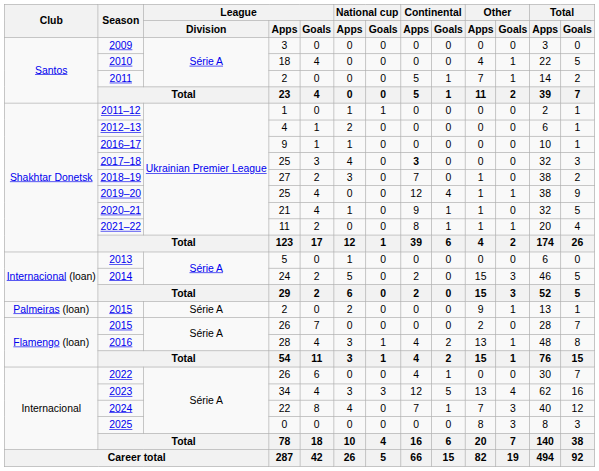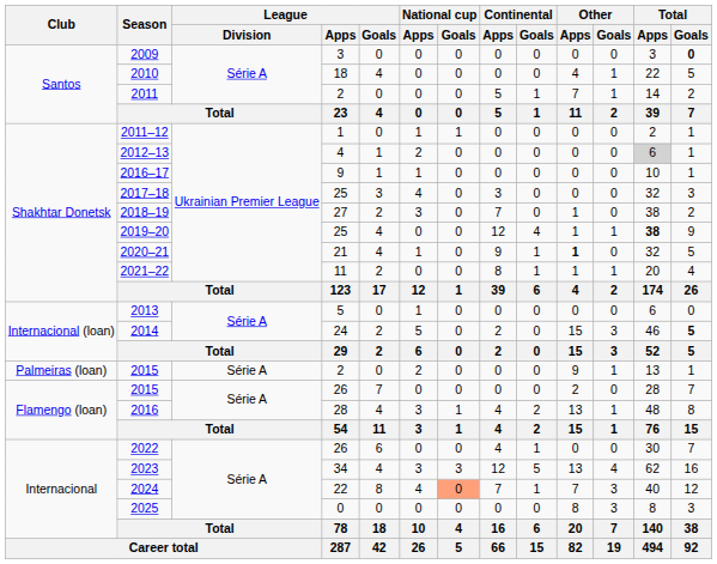 <table class="wikitable" style="text-align:center">
 <tr>
 <th rowspan="2">Club</th>
 <th rowspan="2">Season</th>
 <th colspan="3">League</th>
 <th colspan="2">National cup</th>
 <th colspan="2">Continental</th>
 <th colspan="2">Other</th>
 <th colspan="2">Total</th>
 </tr>
 <tr>
 <th>Division</th>
 <th>Apps</th>
 <th>Goals</th>
 <th>Apps</th>
 <th>Goals</th>
 <th>Apps</th>
 <th>Goals</th>
 <th>Apps</th>
 <th>Goals</th>
 <th>Apps</th>
 <th>Goals</th>
 </tr>
 <tr>
 <td rowspan="4"><a href='#'>Santos</a></td>
 <td><a href='#'>2009</a></td>
 <td rowspan="3"><a href='#'>Série A</a></td>
 <td>3</td>
 <td>0</td>
 <td>0</td>
 <td>0</td>
 <td>0</td>
 <td>0</td>
 <td>0</td>
 <td>0</td>
 <td>3</td>
-<td>0</td>
+<td><strong>0</strong></td>
 </tr>
 <tr>
 <td><a href='#'>2010</a></td>
 <td>18</td>
 <td>4</td>
 <td>0</td>
 <td>0</td>
 <td>0</td>
 <td>0</td>
 <td>4</td>
 <td>1</td>
 <td>22</td>
 <td>5</td>
 </tr>
 <tr>
 <td><a href='#'>2011</a></td>
 <td>2</td>
 <td>0</td>
 <td>0</td>
 <td>0</td>
 <td>5</td>
 <td>1</td>
 <td>7</td>
 <td>1</td>
 <td>14</td>
 <td>2</td>
 </tr>
 <tr>
 <th colspan="2">Total</th>
 <th>23</th>
 <th>4</th>
 <th>0</th>
 <th>0</th>
 <th>5</th>
 <th>1</th>
 <th>11</th>
 <th>2</th>
 <th>39</th>
 <th>7</th>
 </tr>
 <tr>
 <td rowspan="9"><a href='#'>Shakhtar Donetsk</a></td>
 <td><a href='#'>2011–12</a></td>
 <td rowspan="8"><a href='#'>Ukrainian Premier League</a></td>
 <td>1</td>
 <td>0</td>
 <td>1</td>
 <td>1</td>
 <td>0</td>
 <td>0</td>
 <td>0</td>
 <td>0</td>
 <td>2</td>
 <td>1</td>
 </tr>
 <tr>
 <td><a href='#'>2012–13</a></td>
 <td>4</td>
 <td>1</td>
 <td>2</td>
 <td>0</td>
 <td>0</td>
 <td>0</td>
 <td>0</td>
 <td>0</td>
-<td>6</td>
+<td style="background: lightgrey;">6</td>
 <td>1</td>
 </tr>
 <tr>
 <td><a href='#'>2016–17</a></td>
 <td>9</td>
 <td>1</td>
 <td>1</td>
 <td>0</td>
 <td>0</td>
 <td>0</td>
 <td>0</td>
 <td>0</td>
 <td>10</td>
 <td>1</td>
 </tr>
 <tr>
 <td><a href='#'>2017–18</a></td>
 <td>25</td>
 <td>3</td>
 <td>4</td>
 <td>0</td>
-<td><strong>3</strong></td>
+<td>3</td>
 <td>0</td>
 <td>0</td>
 <td>0</td>
 <td>32</td>
 <td>3</td>
 </tr>
 <tr>
 <td><a href='#'>2018–19</a></td>
 <td>27</td>
 <td>2</td>
 <td>3</td>
 <td>0</td>
 <td>7</td>
 <td>0</td>
 <td>1</td>
 <td>0</td>
 <td>38</td>
 <td>2</td>
 </tr>
 <tr>
 <td><a href='#'>2019–20</a></td>
 <td>25</td>
 <td>4</td>
 <td>0</td>
 <td>0</td>
 <td>12</td>
 <td>4</td>
 <td>1</td>
 <td>1</td>
-<td>38</td>
+<td><strong>38</strong></td>
 <td>9</td>
 </tr>
 <tr>
 <td><a href='#'>2020–21</a></td>
 <td>21</td>
 <td>4</td>
 <td>1</td>
 <td>0</td>
 <td>9</td>
 <td>1</td>
-<td>1</td>
+<td><strong>1</strong></td>
 <td>0</td>
 <td>32</td>
 <td>5</td>
 </tr>
 <tr>
 <td><a href='#'>2021–22</a></td>
 <td>11</td>
 <td>2</td>
 <td>0</td>
 <td>0</td>
 <td>8</td>
 <td>1</td>
 <td>1</td>
 <td>1</td>
 <td>20</td>
 <td>4</td>
 </tr>
 <tr>
 <th colspan="2">Total</th>
 <th>123</th>
 <th>17</th>
 <th>12</th>
 <th>1</th>
 <th>39</th>
 <th>6</th>
 <th>4</th>
 <th>2</th>
 <th>174</th>
 <th>26</th>
 </tr>
 <tr>
 <td rowspan="3"><a href='#'>Internacional</a> (loan)</td>
 <td><a href='#'>2013</a></td>
 <td rowspan="2"><a href='#'>Série A</a></td>
 <td>5</td>
 <td>0</td>
 <td>1</td>
 <td>0</td>
 <td>0</td>
 <td>0</td>
 <td>0</td>
 <td>0</td>
 <td>6</td>
 <td>0</td>
 </tr>
 <tr>
 <td><a href='#'>2014</a></td>
 <td>24</td>
 <td>2</td>
 <td>5</td>
 <td>0</td>
 <td>2</td>
 <td>0</td>
 <td>15</td>
 <td>3</td>
 <td>46</td>
-<td>5</td>
+<td><strong>5</strong></td>
 </tr>
 <tr>
 <th colspan="2">Total</th>
 <th>29</th>
 <th>2</th>
 <th>6</th>
 <th>0</th>
 <th>2</th>
 <th>0</th>
 <th>15</th>
 <th>3</th>
 <th>52</th>
 <th>5</th>
 </tr>
 <tr>
 <td><a href='#'>Palmeiras</a> (loan)</td>
 <td><a href='#'>2015</a></td>
 <td>Série A</td>
 <td>2</td>
 <td>0</td>
 <td>2</td>
 <td>0</td>
 <td>0</td>
 <td>0</td>
 <td>9</td>
 <td>1</td>
 <td>13</td>
 <td>1</td>
 </tr>
 <tr>
 <td rowspan="3"><a href='#'>Flamengo</a> (loan)</td>
 <td><a href='#'>2015</a></td>
 <td rowspan="2">Série A</td>
 <td>26</td>
 <td>7</td>
 <td>0</td>
 <td>0</td>
 <td>0</td>
 <td>0</td>
 <td>2</td>
 <td>0</td>
 <td>28</td>
 <td>7</td>
 </tr>
 <tr>
 <td><a href='#'>2016</a></td>
 <td>28</td>
 <td>4</td>
 <td>3</td>
 <td>1</td>
 <td>4</td>
 <td>2</td>
 <td>13</td>
 <td>1</td>
 <td>48</td>
 <td>8</td>
 </tr>
 <tr>
 <th colspan="2">Total</th>
 <th>54</th>
 <th>11</th>
 <th>3</th>
 <th>1</th>
 <th>4</th>
 <th>2</th>
 <th>15</th>
 <th>1</th>
 <th>76</th>
 <th>15</th>
 </tr>
 <tr>
 <td rowspan="5">Internacional</td>
 <td><a href='#'>2022</a></td>
 <td rowspan="4">Série A</td>
 <td>26</td>
 <td>6</td>
 <td>0</td>
 <td>0</td>
 <td>4</td>
 <td>1</td>
 <td>0</td>
 <td>0</td>
 <td>30</td>
 <td>7</td>
 </tr>
 <tr>
 <td><a href='#'>2023</a></td>
 <td>34</td>
 <td>4</td>
 <td>3</td>
 <td>3</td>
 <td>12</td>
 <td>5</td>
 <td>13</td>
 <td>4</td>
 <td>62</td>
 <td>16</td>
 </tr>
 <tr>
 <td><a href='#'>2024</a></td>
 <td>22</td>
 <td>8</td>
 <td>4</td>
-<td>0</td>
+<td style="background: lightsalmon;">0</td>
 <td>7</td>
 <td>1</td>
 <td>7</td>
 <td>3</td>
 <td>40</td>
 <td>12</td>
 </tr>
 <tr>
 <td><a href='#'>2025</a></td>
 <td>0</td>
 <td>0</td>
 <td>0</td>
 <td>0</td>
 <td>0</td>
 <td>0</td>
 <td>8</td>
 <td>3</td>
 <td>8</td>
 <td>3</td>
 </tr>
 <tr>
 <th colspan="2">Total</th>
 <th>78</th>
 <th>18</th>
 <th>10</th>
 <th>4</th>
 <th>16</th>
 <th>6</th>
 <th>20</th>
 <th>7</th>
 <th>140</th>
 <th>38</th>
 </tr>
 <tr>
 <th colspan="3">Career total</th>
 <th>287</th>
 <th>42</th>
 <th>26</th>
 <th>5</th>
 <th>66</th>
 <th>15</th>
 <th>82</th>
 <th>19</th>
 <th>494</th>
 <th>92</th>
 </tr>
 </table>
